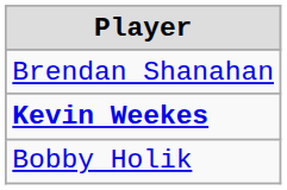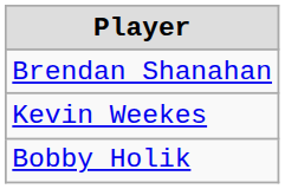 <table class="wikitable">
 <tr align="center"  bgcolor="#dddddd">
 <td><strong>Player</strong></td>
 </tr>
 <tr>
 <td><a href='#'>Brendan Shanahan</a></td>
 </tr>
 <tr>
-<td><strong><a href='#'>Kevin Weekes</a></strong></td>
+<td><a href='#'>Kevin Weekes</a></td>
 </tr>
 <tr>
 <td><a href='#'>Bobby Holik</a></td>
 </tr>
 </table>
